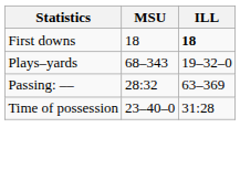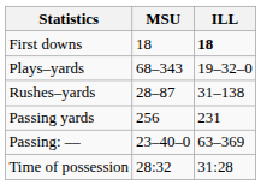 <table class="wikitable" style="float:left">
 <tr>
 <th>Statistics</th>
 <th>MSU</th>
 <th>ILL</th>
 </tr>
 <tr>
 <td>First downs</td>
 <td>18</td>
 <td><strong>18</strong></td>
 </tr>
 <tr>
 <td>Plays–yards</td>
 <td>68–343</td>
 <td>19–32–0</td>
 </tr>
 <tr>
+<td>Rushes–yards</td>
+<td>28–87</td>
+<td>31–138</td>
+</tr>
+<tr>
+<td>Passing yards</td>
+<td>256</td>
+<td>231</td>
+</tr>
+<tr>
 <td>Passing: ––</td>
-<td>28:32</td>
+<td>23–40–0</td>
 <td>63–369</td>
 </tr>
 <tr>
 <td>Time of possession</td>
-<td>23–40–0</td>
+<td>28:32</td>
 <td>31:28</td>
 </tr>
 </table>
